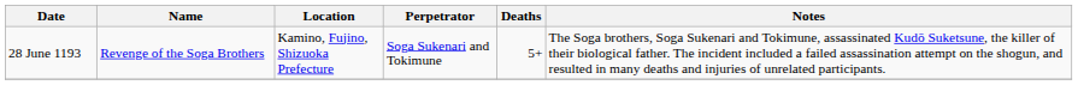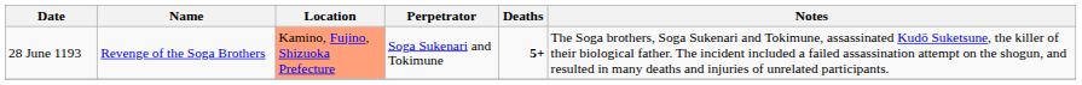 <table class="wikitable sortable" style="font-size:100%;">
 <tr>
 <th scope="col" style="width:100px;">Date</th>
 <th scope="col" style="width:200px;">Name</th>
 <th scope="col" style="width:120px;">Location</th>
 <th scope="col" style="width:125px;">Perpetrator</th>
 <th scope="col" style="width:50px;" data-sort-type="number">Deaths</th>
 <th scope="col" class="unsortable">Notes</th>
 </tr>
 <tr>
 <td>28 June 1193</td>
 <td><a href='#'>Revenge of the Soga Brothers</a></td>
-<td>Kamino, <a href='#'>Fujino</a>, <a href='#'>Shizuoka Prefecture</a></td>
+<td style="background: lightsalmon;">Kamino, <a href='#'>Fujino</a>, <a href='#'>Shizuoka Prefecture</a></td>
 <td><a href='#'>Soga Sukenari</a> and Tokimune</td>
-<td style="text-align: right;">5+</td>
+<td style="text-align: right;"><strong>5+</strong></td>
 <td>The Soga brothers, Soga Sukenari and Tokimune, assassinated <a href='#'>Kudō Suketsune</a>, the killer of their biological father. The incident included a failed assassination attempt on the shogun, and resulted in many deaths and injuries of unrelated participants.</td>
 </tr>
 <tr>
 </tr>
 </table>
